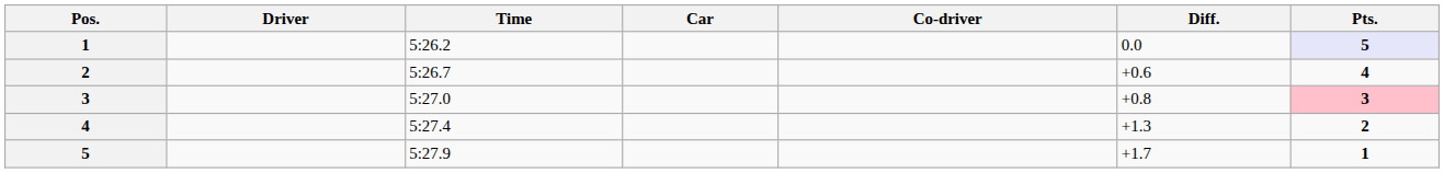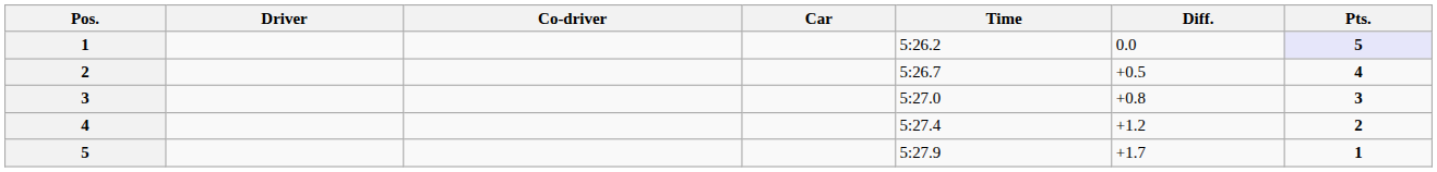 <table class="wikitable" width=60% style="font-size: 85%;">
 <tr>
 <th>Pos.</th>
 <th>Driver</th>
+<th>Co-driver</th>
+<th>Car</th>
 <th>Time</th>
-<th>Car</th>
-<th>Co-driver</th>
 <th>Diff.</th>
 <th>Pts.</th>
 </tr>
 <tr>
 <th>1</th>
 <td></td>
-<td>5:26.2</td>
 <td></td>
 <td></td>
+<td>5:26.2</td>
 <td>0.0</td>
 <td align="center" style="background: lavender;"><strong>5</strong></td>
 </tr>
 <tr>
 <th>2</th>
 <td></td>
-<td>5:26.7</td>
 <td></td>
 <td></td>
-<td>+0.6</td>
+<td>5:26.7</td>
+<td>+0.5</td>
 <td align="center"><strong>4</strong></td>
 </tr>
 <tr>
 <th>3</th>
 <td></td>
-<td>5:27.0</td>
 <td></td>
 <td></td>
+<td>5:27.0</td>
 <td>+0.8</td>
-<td align="center" style="background: pink;"><strong>3</strong></td>
+<td align="center"><strong>3</strong></td>
 </tr>
 <tr>
 <th>4</th>
 <td></td>
-<td>5:27.4</td>
 <td></td>
 <td></td>
-<td>+1.3</td>
+<td>5:27.4</td>
+<td>+1.2</td>
 <td align="center"><strong>2</strong></td>
 </tr>
 <tr>
 <th>5</th>
 <td></td>
-<td>5:27.9</td>
 <td></td>
 <td></td>
+<td>5:27.9</td>
 <td>+1.7</td>
 <td align="center"><strong>1</strong></td>
 </tr>
 </table>
